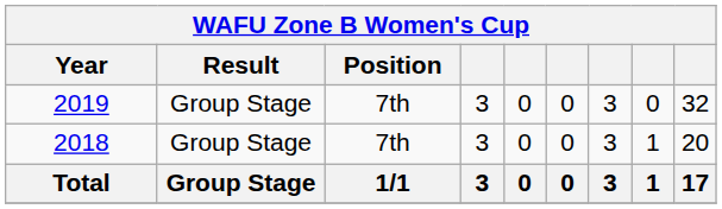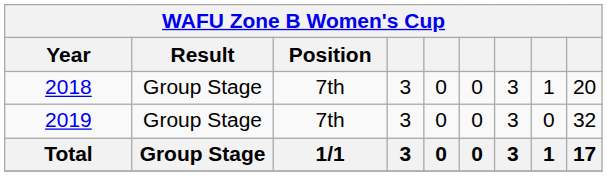 <table class="wikitable" style="text-align:center;">
 <tr>
 <th colspan="9"><a href='#'>WAFU Zone B Women's Cup</a></th>
 </tr>
 <tr>
 <th style="width:90px;">Year</th>
 <th style="width:100px;">Result</th>
 <th style="width:80px;">Position</th>
 <th style="width:20px;"></th>
 <th style="width:20px;"></th>
 <th style="width:20px;"></th>
 <th style="width:20px;"></th>
 <th style="width:20px;"></th>
 <th style="width:20px;"></th>
 </tr>
 <tr>
+<td> <a href='#'>2018</a></td>
+<td>Group Stage</td>
+<td>7th</td>
+<td>3</td>
+<td>0</td>
+<td>0</td>
+<td>3</td>
+<td>1</td>
+<td>20</td>
+</tr>
+<tr>
 <td> <a href='#'>2019</a></td>
 <td>Group Stage</td>
 <td>7th</td>
 <td>3</td>
 <td>0</td>
 <td>0</td>
 <td>3</td>
 <td>0</td>
 <td>32</td>
-</tr>
-<tr>
-<td> <a href='#'>2018</a></td>
-<td>Group Stage</td>
-<td>7th</td>
-<td>3</td>
-<td>0</td>
-<td>0</td>
-<td>3</td>
-<td>1</td>
-<td>20</td>
 </tr>
 <tr>
 <th>Total</th>
 <th>Group Stage</th>
 <th>1/1</th>
 <th>3</th>
 <th>0</th>
 <th>0</th>
 <th>3</th>
 <th>1</th>
 <th>17</th>
 </tr>
 <tr>
 </tr>
 </table>
